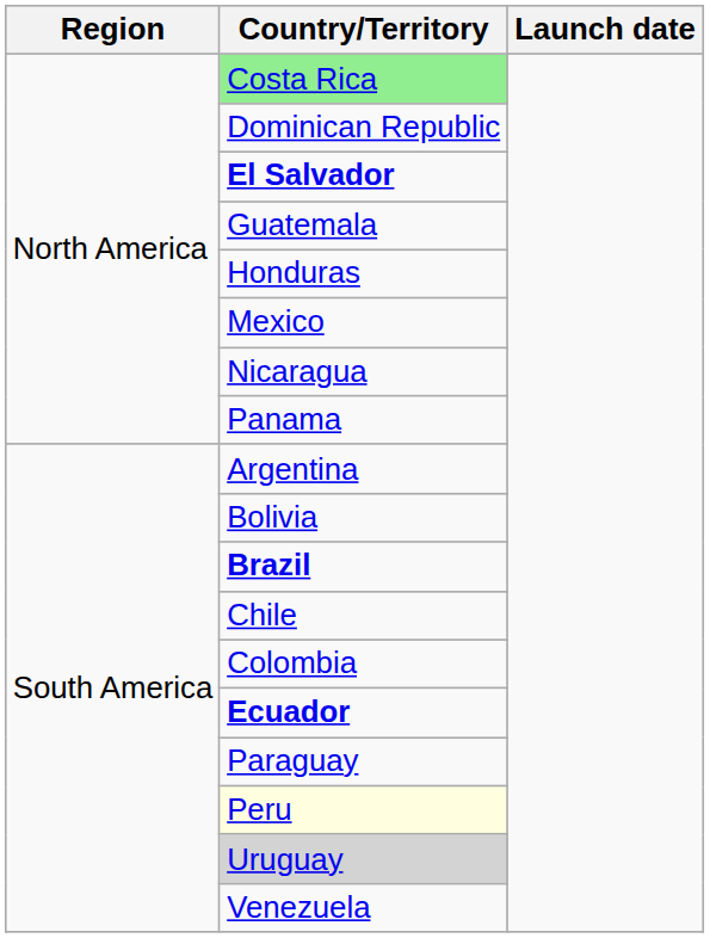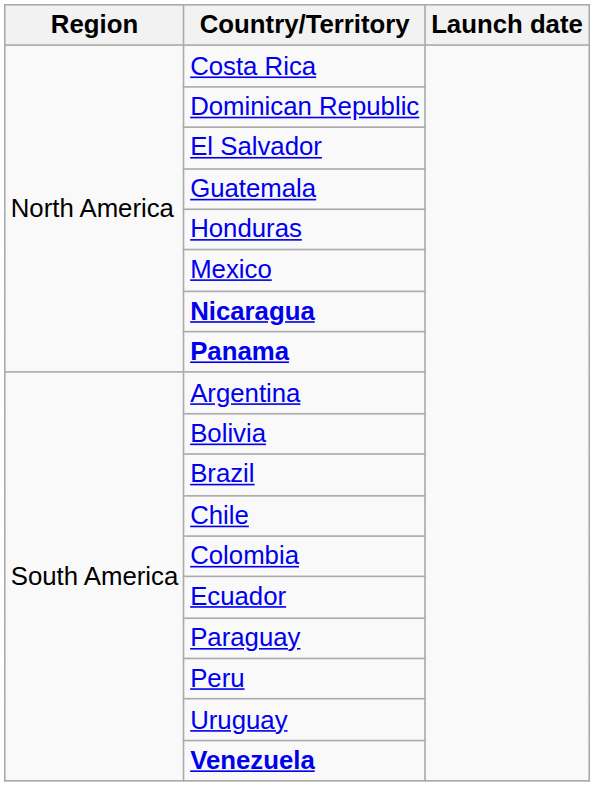 <table class="wikitable sortable plainrowheaders" id="launch rollout" style="margin-right:1em">
 <tr>
 <th scope="col">Region</th>
 <th scope="col">Country/Territory</th>
 <th scope="col">Launch date</th>
 </tr>
 <tr>
 <td rowspan="8">North America</td>
-<td style="background: lightgreen;"><a href='#'>Costa Rica</a></td>
+<td><a href='#'>Costa Rica</a></td>
 <td rowspan="30" scope="row"></td>
 </tr>
 <tr>
 <td><a href='#'>Dominican Republic</a></td>
 </tr>
 <tr>
-<td><strong><a href='#'>El Salvador</a></strong></td>
+<td><a href='#'>El Salvador</a></td>
 </tr>
 <tr>
 <td><a href='#'>Guatemala</a></td>
 </tr>
 <tr>
 <td><a href='#'>Honduras</a></td>
 </tr>
 <tr>
 <td><a href='#'>Mexico</a></td>
 </tr>
 <tr>
-<td><a href='#'>Nicaragua</a></td>
+<td><strong><a href='#'>Nicaragua</a></strong></td>
 </tr>
 <tr>
-<td><a href='#'>Panama</a></td>
+<td><strong><a href='#'>Panama</a></strong></td>
 </tr>
 <tr>
 <td rowspan="10">South America</td>
 <td><a href='#'>Argentina</a></td>
 </tr>
 <tr>
 <td><a href='#'>Bolivia</a></td>
 </tr>
 <tr>
-<td><strong><a href='#'>Brazil</a></strong></td>
+<td><a href='#'>Brazil</a></td>
 </tr>
 <tr>
 <td><a href='#'>Chile</a></td>
 </tr>
 <tr>
 <td><a href='#'>Colombia</a></td>
 </tr>
 <tr>
-<td><strong><a href='#'>Ecuador</a></strong></td>
+<td><a href='#'>Ecuador</a></td>
 </tr>
 <tr>
 <td><a href='#'>Paraguay</a></td>
 </tr>
 <tr>
-<td style="background: lightyellow;"><a href='#'>Peru</a></td>
+<td><a href='#'>Peru</a></td>
 </tr>
 <tr>
-<td style="background: lightgrey;"><a href='#'>Uruguay</a></td>
+<td><a href='#'>Uruguay</a></td>
 </tr>
 <tr>
-<td><a href='#'>Venezuela</a></td>
+<td><strong><a href='#'>Venezuela</a></strong></td>
 </tr>
 </table>
